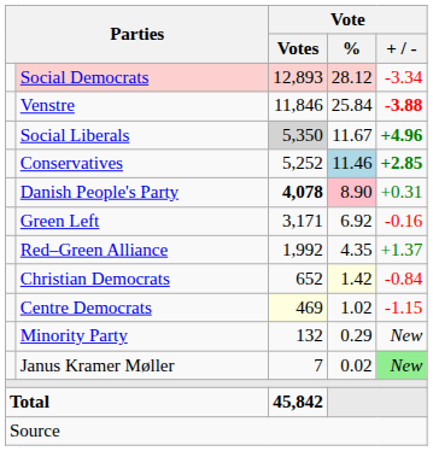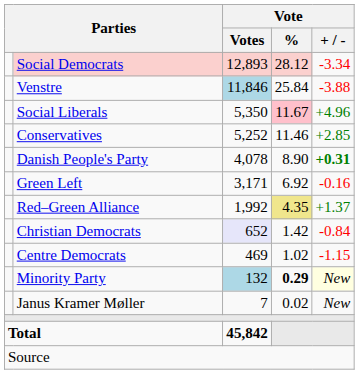 <table class="wikitable" style="text-align:right;">
 <tr>
 <th style="text-align:centre;" rowspan="2" colspan="2" width="225">Parties</th>
 <th colspan="3">Vote</th>
 </tr>
 <tr>
 <th width="15">Votes</th>
 <th width="15">%</th>
 <th width="15">+ / -</th>
 </tr>
 <tr>
 <td width="2" style="color:inherit;background:"></td>
 <td bgcolor=#fbd0ce  align="left"><a href='#'>Social Democrats</a></td>
 <td bgcolor=#fbd0ce>12,893</td>
 <td bgcolor=#fbd0ce>28.12</td>
 <td style=color:red;>-3.34</td>
 </tr>
 <tr>
 <td width="2" style="color:inherit;background:"></td>
 <td align="left"><a href='#'>Venstre</a></td>
-<td>11,846</td>
+<td style="background: lightblue;">11,846</td>
 <td>25.84</td>
-<td style=color:red;><strong>-3.88</strong></td>
+<td style=color:red;>-3.88</td>
 </tr>
 <tr>
 <td width="2" style="color:inherit;background:"></td>
 <td align="left"><a href='#'>Social Liberals</a></td>
-<td style="background: lightgrey;">5,350</td>
-<td>11.67</td>
-<td style=color:green;><strong>+4.96</strong></td>
+<td>5,350</td>
+<td style="background: pink;">11.67</td>
+<td style=color:green;>+4.96</td>
 </tr>
 <tr>
 <td width="2" style="color:inherit;background:"></td>
 <td align="left"><a href='#'>Conservatives</a></td>
 <td>5,252</td>
-<td style="background: lightblue;">11.46</td>
-<td style=color:green;><strong>+2.85</strong></td>
+<td>11.46</td>
+<td style=color:green;>+2.85</td>
 </tr>
 <tr>
 <td width="2" style="color:inherit;background:"></td>
 <td align="left"><a href='#'>Danish People's Party</a></td>
-<td><strong>4,078</strong></td>
-<td style="background: pink;">8.90</td>
-<td style=color:green;>+0.31</td>
+<td>4,078</td>
+<td>8.90</td>
+<td style=color:green;><strong>+0.31</strong></td>
 </tr>
 <tr>
 <td width="2" style="color:inherit;background:"></td>
 <td align="left"><a href='#'>Green Left</a></td>
 <td>3,171</td>
 <td>6.92</td>
 <td style=color:red;>-0.16</td>
 </tr>
 <tr>
 <td width="2" style="color:inherit;background:"></td>
 <td align="left"><a href='#'>Red–Green Alliance</a></td>
 <td>1,992</td>
-<td>4.35</td>
+<td style="background: khaki;">4.35</td>
 <td style=color:green;>+1.37</td>
 </tr>
 <tr>
 <td width="2" style="color:inherit;background:"></td>
 <td align="left"><a href='#'>Christian Democrats</a></td>
-<td>652</td>
-<td style="background: lightyellow;">1.42</td>
+<td style="background: lavender;">652</td>
+<td>1.42</td>
 <td style=color:red;>-0.84</td>
 </tr>
 <tr>
 <td width="2" style="color:inherit;background:"></td>
 <td align="left"><a href='#'>Centre Democrats</a></td>
-<td style="background: lightyellow;">469</td>
+<td>469</td>
 <td>1.02</td>
 <td style=color:red;>-1.15</td>
 </tr>
 <tr>
 <td width="2" style="color:inherit;background:"></td>
 <td align="left"><a href='#'>Minority Party</a></td>
-<td>132</td>
-<td>0.29</td>
-<td><em>New</em></td>
+<td style="background: lightblue;">132</td>
+<td><strong>0.29</strong></td>
+<td style="background: lightyellow;"><em>New</em></td>
 </tr>
 <tr>
 <td width="2" style="color:inherit;background:"></td>
 <td align="left">Janus Kramer Møller</td>
 <td>7</td>
 <td>0.02</td>
-<td style="background: lightgreen;"><em>New</em></td>
+<td><em>New</em></td>
 </tr>
 <tr>
 <td colspan="7" bgcolor="#E9E9E9"></td>
 </tr>
 <tr>
 <td align="left" colspan="2"><strong>Total</strong></td>
 <td><strong>45,842</strong></td>
 <td bgcolor="#E9E9E9" colspan="2"></td>
 </tr>
 <tr>
 <td align="left" colspan="6">Source</td>
 </tr>
 </table>
